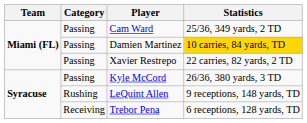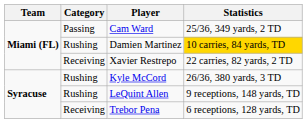 <table class="wikitable" style="float: right;">
 <tr>
 <th>Team</th>
 <th>Category</th>
 <th>Player</th>
 <th>Statistics</th>
 </tr>
 <tr>
 <td rowspan=3><strong>Miami (FL)</strong></td>
 <td>Passing</td>
 <td><a href='#'>Cam Ward</a></td>
 <td>25/36, 349 yards, 2 TD</td>
 </tr>
 <tr>
-<td>Passing</td>
+<td>Rushing</td>
 <td>Damien Martinez</td>
 <td style="background: gold;">10 carries, 84 yards, TD</td>
 </tr>
 <tr>
-<td>Passing</td>
+<td>Receiving</td>
 <td>Xavier Restrepo</td>
 <td>22 carries, 82 yards, 2 TD</td>
 </tr>
 <tr>
 <td rowspan=3><strong>Syracuse</strong></td>
-<td>Passing</td>
+<td>Rushing</td>
 <td><a href='#'>Kyle McCord</a></td>
 <td>26/36, 380 yards, 3 TD</td>
 </tr>
 <tr>
 <td>Rushing</td>
 <td><a href='#'>LeQuint Allen</a></td>
 <td>9 receptions, 148 yards, TD</td>
 </tr>
 <tr>
 <td>Receiving</td>
 <td><a href='#'>Trebor Pena</a></td>
 <td>6 receptions, 128 yards, TD</td>
 </tr>
 </table>
